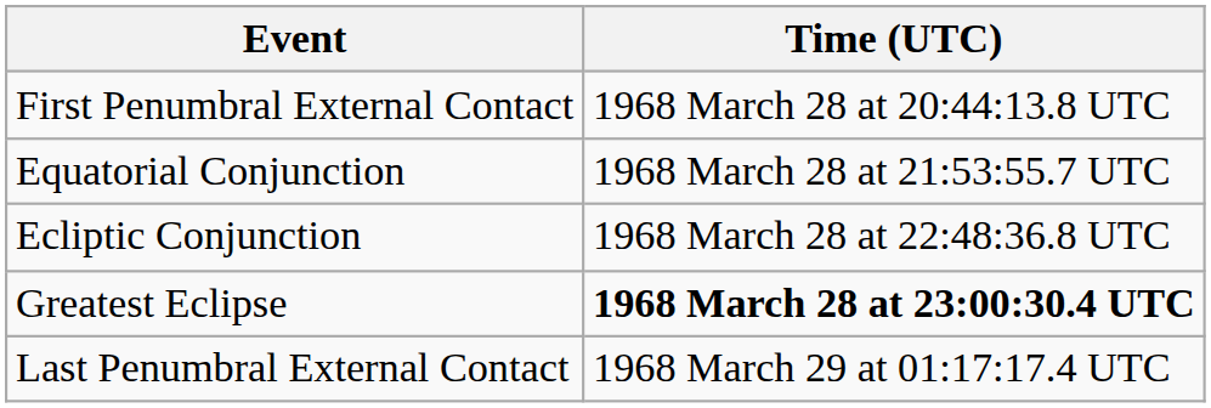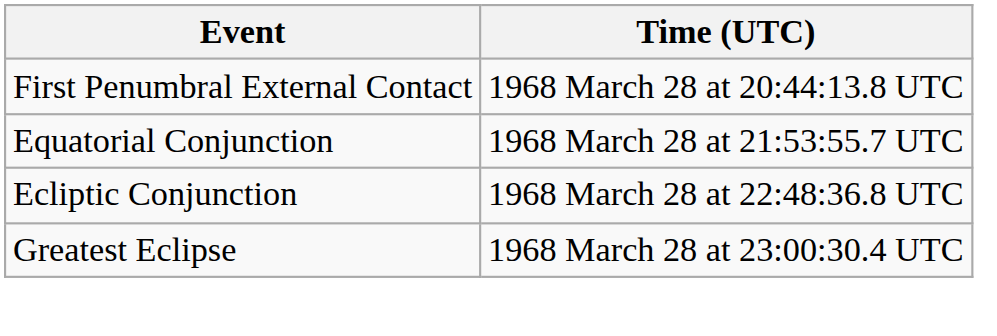 <table class="wikitable">
 <tr>
 <th>Event</th>
 <th>Time (UTC)</th>
 </tr>
 <tr>
 <td>First Penumbral External Contact</td>
 <td>1968 March 28 at 20:44:13.8 UTC</td>
 </tr>
 <tr>
 <td>Equatorial Conjunction</td>
 <td>1968 March 28 at 21:53:55.7 UTC</td>
 </tr>
 <tr>
 <td>Ecliptic Conjunction</td>
 <td>1968 March 28 at 22:48:36.8 UTC</td>
 </tr>
 <tr>
 <td>Greatest Eclipse</td>
-<td><strong>1968 March 28 at 23:00:30.4 UTC</strong></td>
-</tr>
-<tr>
-<td>Last Penumbral External Contact</td>
-<td>1968 March 29 at 01:17:17.4 UTC</td>
+<td>1968 March 28 at 23:00:30.4 UTC</td>
 </tr>
 </table>
